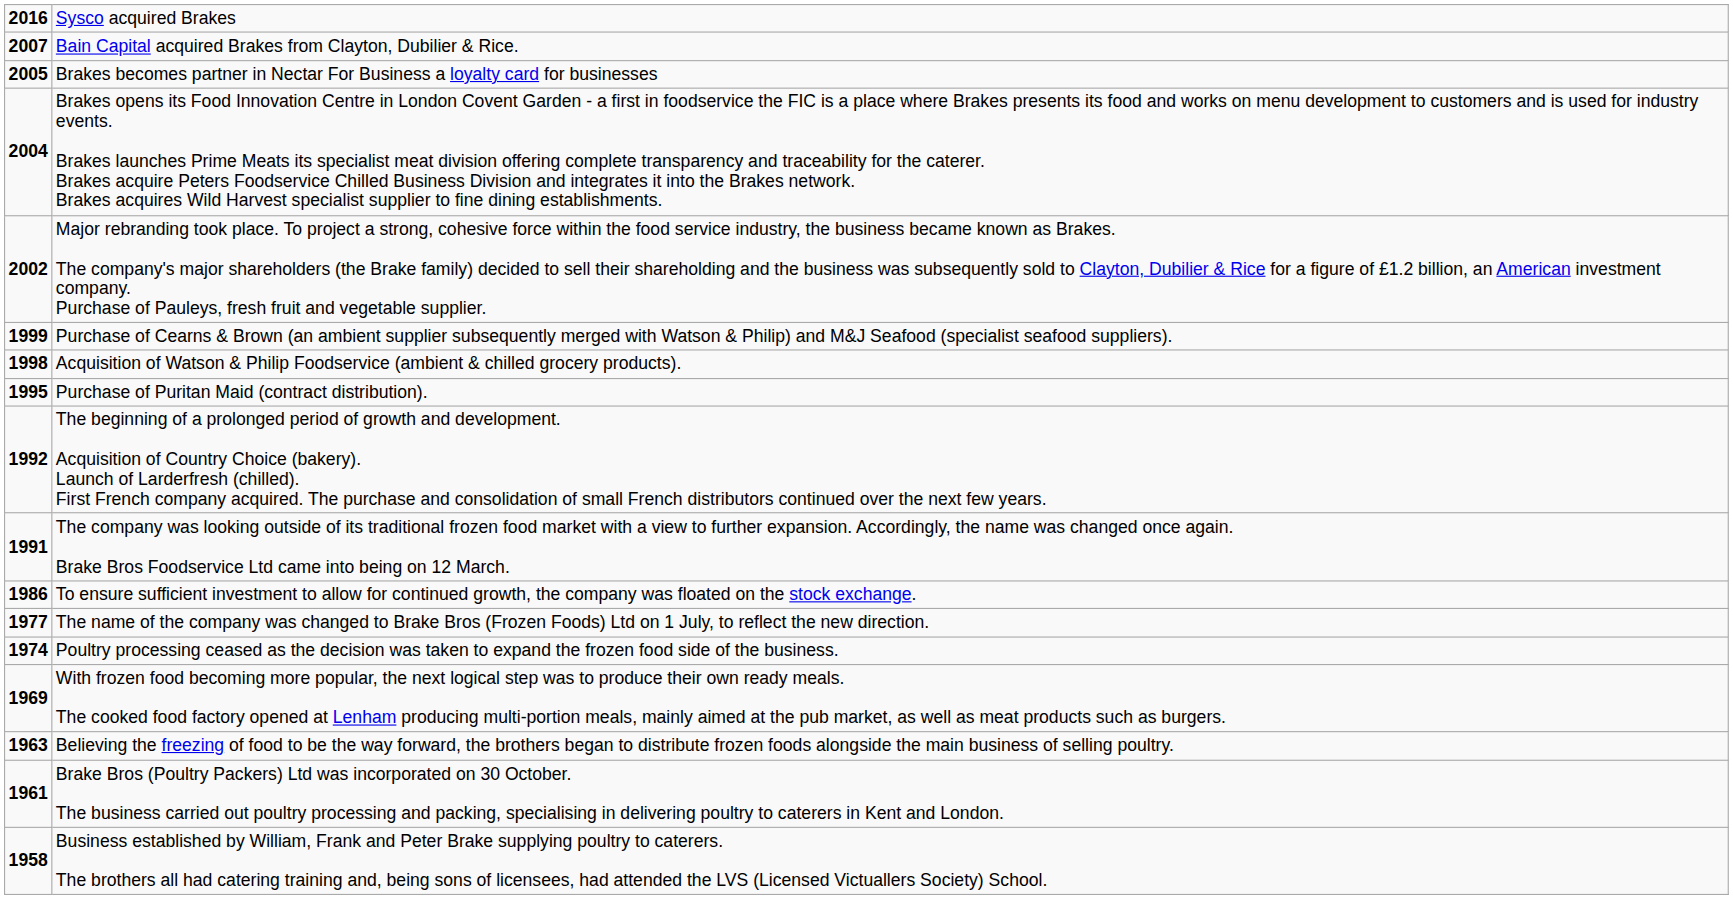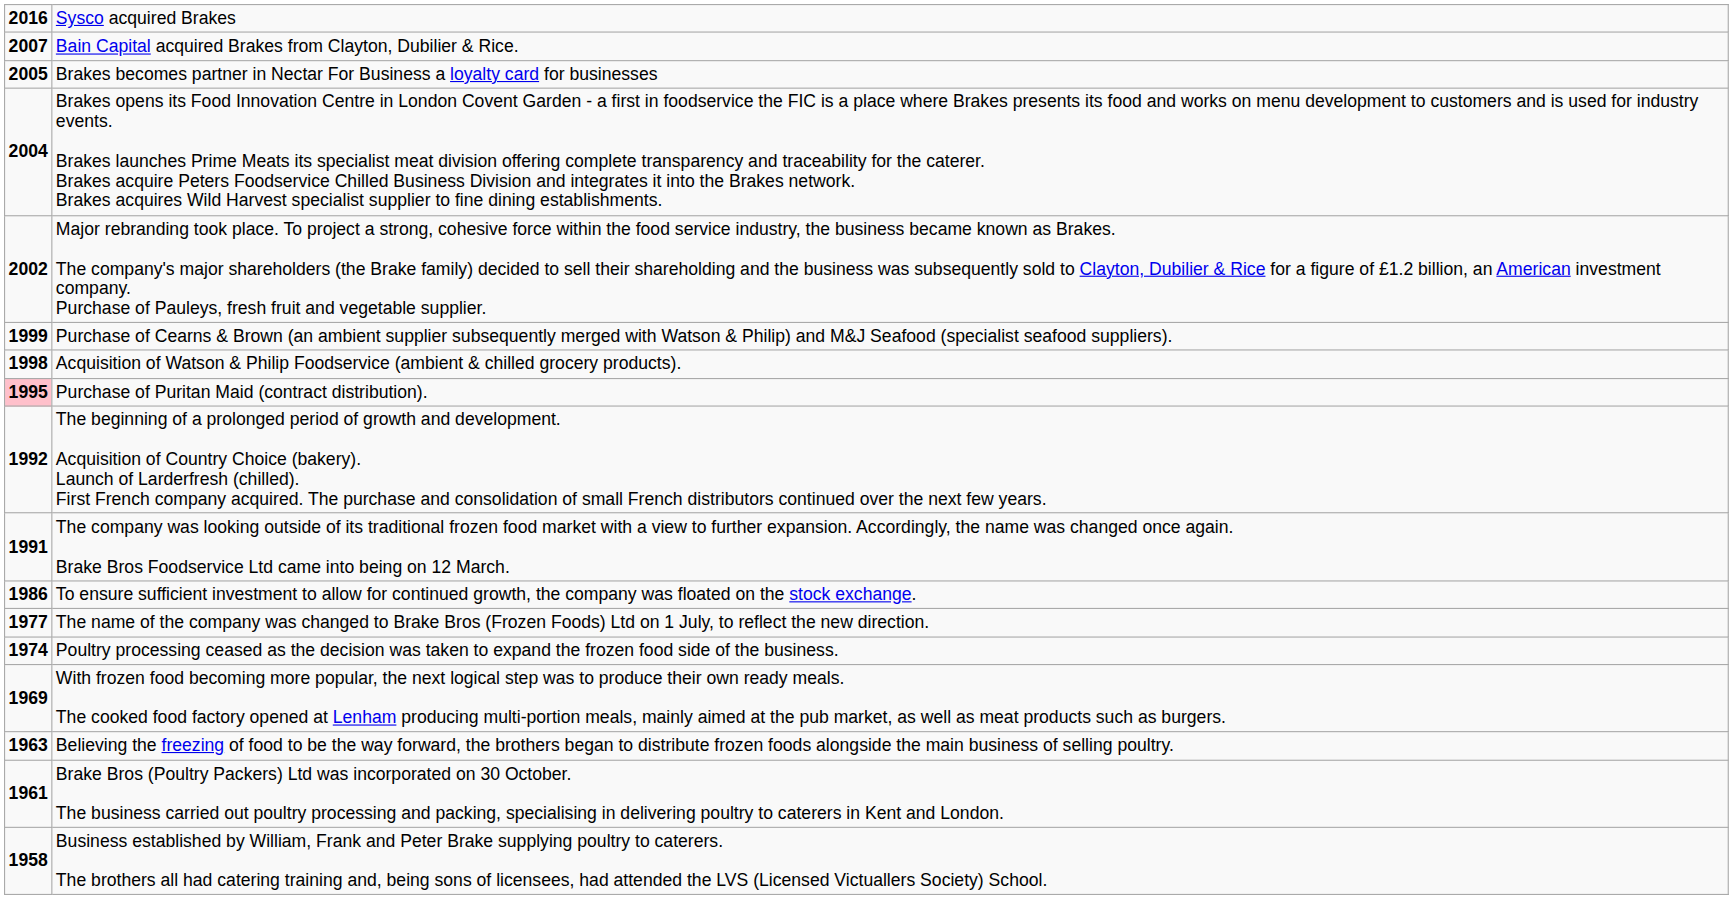 <table class="wikitable">
 <tr>
 <td><strong>2016</strong></td>
 <td><a href='#'>Sysco</a> acquired Brakes</td>
 </tr>
 <tr>
 <td><strong>2007</strong></td>
 <td><a href='#'>Bain Capital</a> acquired Brakes from Clayton, Dubilier & Rice.</td>
 </tr>
 <tr>
 <td><strong>2005</strong></td>
 <td>Brakes becomes partner in Nectar For Business a <a href='#'>loyalty card</a> for businesses</td>
 </tr>
 <tr>
 <td><strong>2004</strong></td>
 <td>Brakes opens its Food Innovation Centre in London Covent Garden - a first in foodservice the FIC is a place where Brakes presents its food and works on menu development to customers and is used for industry events.<br><br>Brakes launches Prime Meats its specialist meat division offering complete transparency and traceability for the caterer. <br> Brakes acquire Peters Foodservice Chilled Business Division and integrates it into the Brakes network. <br> Brakes acquires Wild Harvest specialist supplier to fine dining establishments.</td>
 </tr>
 <tr>
 <td><strong>2002</strong></td>
 <td>Major rebranding took place. To project a strong, cohesive force within the food service industry, the business became known as Brakes.<br><br>The company's major shareholders (the Brake family) decided to sell their shareholding and the business was subsequently sold to <a href='#'>Clayton, Dubilier & Rice</a> for a figure of £1.2 billion, an <a href='#'>American</a> investment company. <br> Purchase of Pauleys, fresh fruit and vegetable supplier.</td>
 </tr>
 <tr>
 <td><strong>1999</strong></td>
 <td>Purchase of Cearns & Brown (an ambient supplier subsequently merged with Watson & Philip) and M&J Seafood (specialist seafood suppliers).</td>
 </tr>
 <tr>
 <td><strong>1998</strong></td>
 <td>Acquisition of Watson & Philip Foodservice (ambient & chilled grocery products).</td>
 </tr>
 <tr>
-<td><strong>1995</strong></td>
+<td style="background: pink;"><strong>1995</strong></td>
 <td>Purchase of Puritan Maid (contract distribution).</td>
 </tr>
 <tr>
 <td><strong>1992</strong></td>
 <td>The beginning of a prolonged period of growth and development.<br><br>Acquisition of Country Choice (bakery).<br> Launch of Larderfresh (chilled).<br> First French company acquired. The purchase and consolidation of small French distributors continued over the next few years.</td>
 </tr>
 <tr>
 <td><strong>1991</strong></td>
 <td>The company was looking outside of its traditional frozen food market with a view to further expansion. Accordingly, the name was changed once again.<br><br>Brake Bros Foodservice Ltd came into being on 12 March.</td>
 </tr>
 <tr>
 <td><strong>1986</strong></td>
 <td>To ensure sufficient investment to allow for continued growth, the company was floated on the <a href='#'>stock exchange</a>.</td>
 </tr>
 <tr>
 <td><strong>1977</strong></td>
 <td>The name of the company was changed to Brake Bros (Frozen Foods) Ltd on 1 July, to reflect the new direction.</td>
 </tr>
 <tr>
 <td><strong>1974</strong></td>
 <td>Poultry processing ceased as the decision was taken to expand the frozen food side of the business.</td>
 </tr>
 <tr>
 <td><strong>1969</strong></td>
 <td>With frozen food becoming more popular, the next logical step was to produce their own ready meals.<br><br>The cooked food factory opened at <a href='#'>Lenham</a> producing multi-portion meals, mainly aimed at the pub market, as well as meat products such as burgers.</td>
 </tr>
 <tr>
 <td><strong>1963</strong></td>
 <td>Believing the <a href='#'>freezing</a> of food to be the way forward, the brothers began to distribute frozen foods alongside the main business of selling poultry.</td>
 </tr>
 <tr>
 <td><strong>1961</strong></td>
 <td>Brake Bros (Poultry Packers) Ltd was incorporated on 30 October.<br><br>The business carried out poultry processing and packing, specialising in delivering poultry to caterers in Kent and London.</td>
 </tr>
 <tr>
 <td><strong>1958</strong></td>
 <td>Business established by William, Frank and Peter Brake supplying poultry to caterers.<br><br>The brothers all had catering training and, being sons of licensees, had attended the LVS (Licensed Victuallers Society) School.</td>
 </tr>
 </table>
